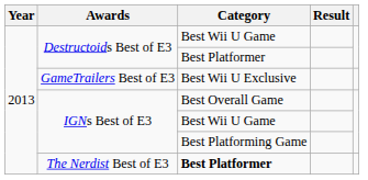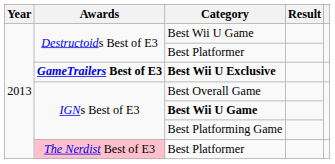 <table class="wikitable sortable">
 <tr>
 <th>Year</th>
 <th>Awards</th>
 <th>Category</th>
 <th>Result</th>
 <th></th>
 </tr>
 <tr>
 <td rowspan="7" style="text-align:center;">2013</td>
 <td rowspan="2" style="text-align:center;"><em><a href='#'>Destructoid</a></em>s Best of E3</td>
 <td>Best Wii U Game</td>
 <td></td>
 <td rowspan="2" style="text-align:center;"></td>
 </tr>
 <tr>
 <td>Best Platformer</td>
 <td></td>
 </tr>
 <tr>
-<td style="text-align:center;"><em><a href='#'>GameTrailers</a></em> Best of E3</td>
-<td>Best Wii U Exclusive</td>
+<td style="text-align:center;"><strong><em><a href='#'>GameTrailers</a></em> Best of E3</strong></td>
+<td><strong>Best Wii U Exclusive</strong></td>
 <td></td>
 <td align=center></td>
 </tr>
 <tr>
 <td rowspan="3" style="text-align:center;"><em><a href='#'>IGN</a></em>s Best of E3</td>
 <td>Best Overall Game</td>
 <td></td>
 <td rowspan="3" style="text-align:center;"></td>
 </tr>
 <tr>
-<td>Best Wii U Game</td>
+<td><strong>Best Wii U Game</strong></td>
 <td></td>
 </tr>
 <tr>
 <td>Best Platforming Game</td>
 <td></td>
 </tr>
 <tr>
-<td style="text-align:center;"><em><a href='#'>The Nerdist</a></em> Best of E3</td>
-<td><strong>Best Platformer</strong></td>
+<td style="background: pink; text-align:center;"><em><a href='#'>The Nerdist</a></em> Best of E3</td>
+<td>Best Platformer</td>
 <td></td>
 <td align=center></td>
 </tr>
 </table>
